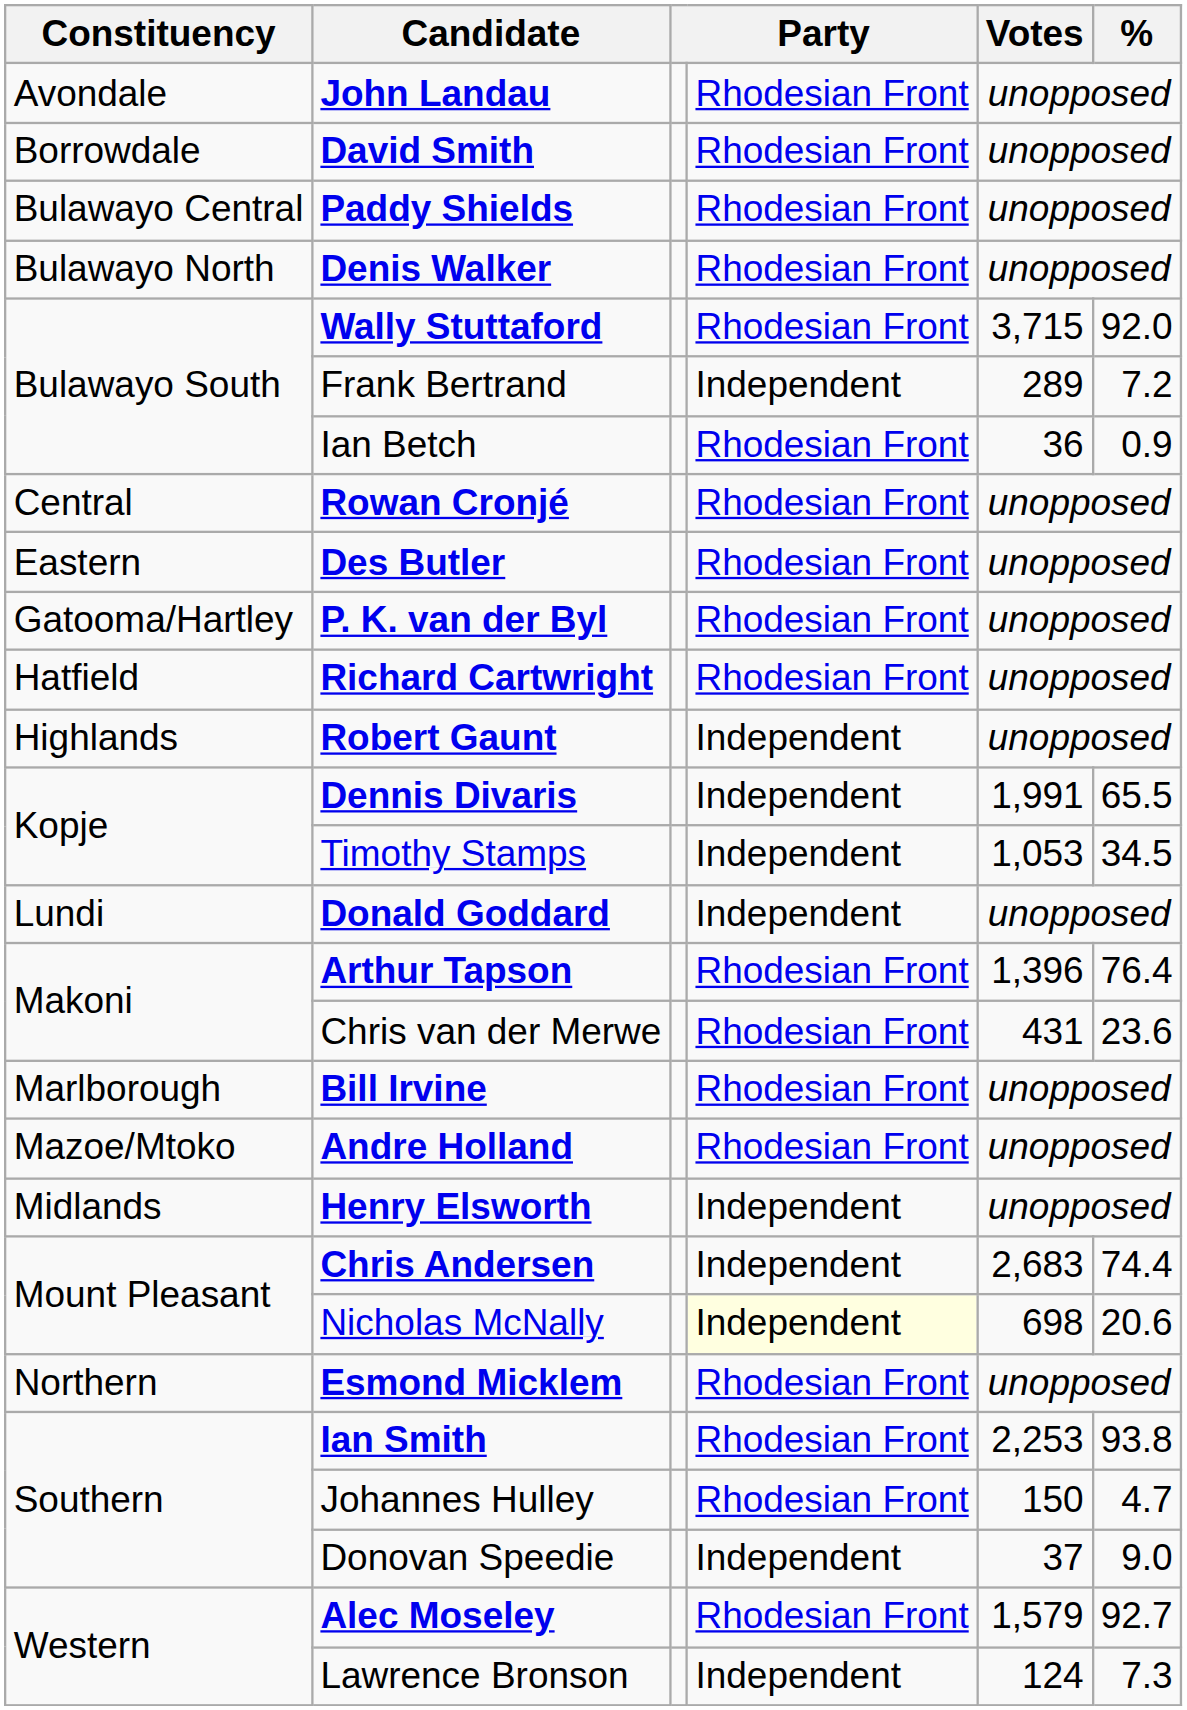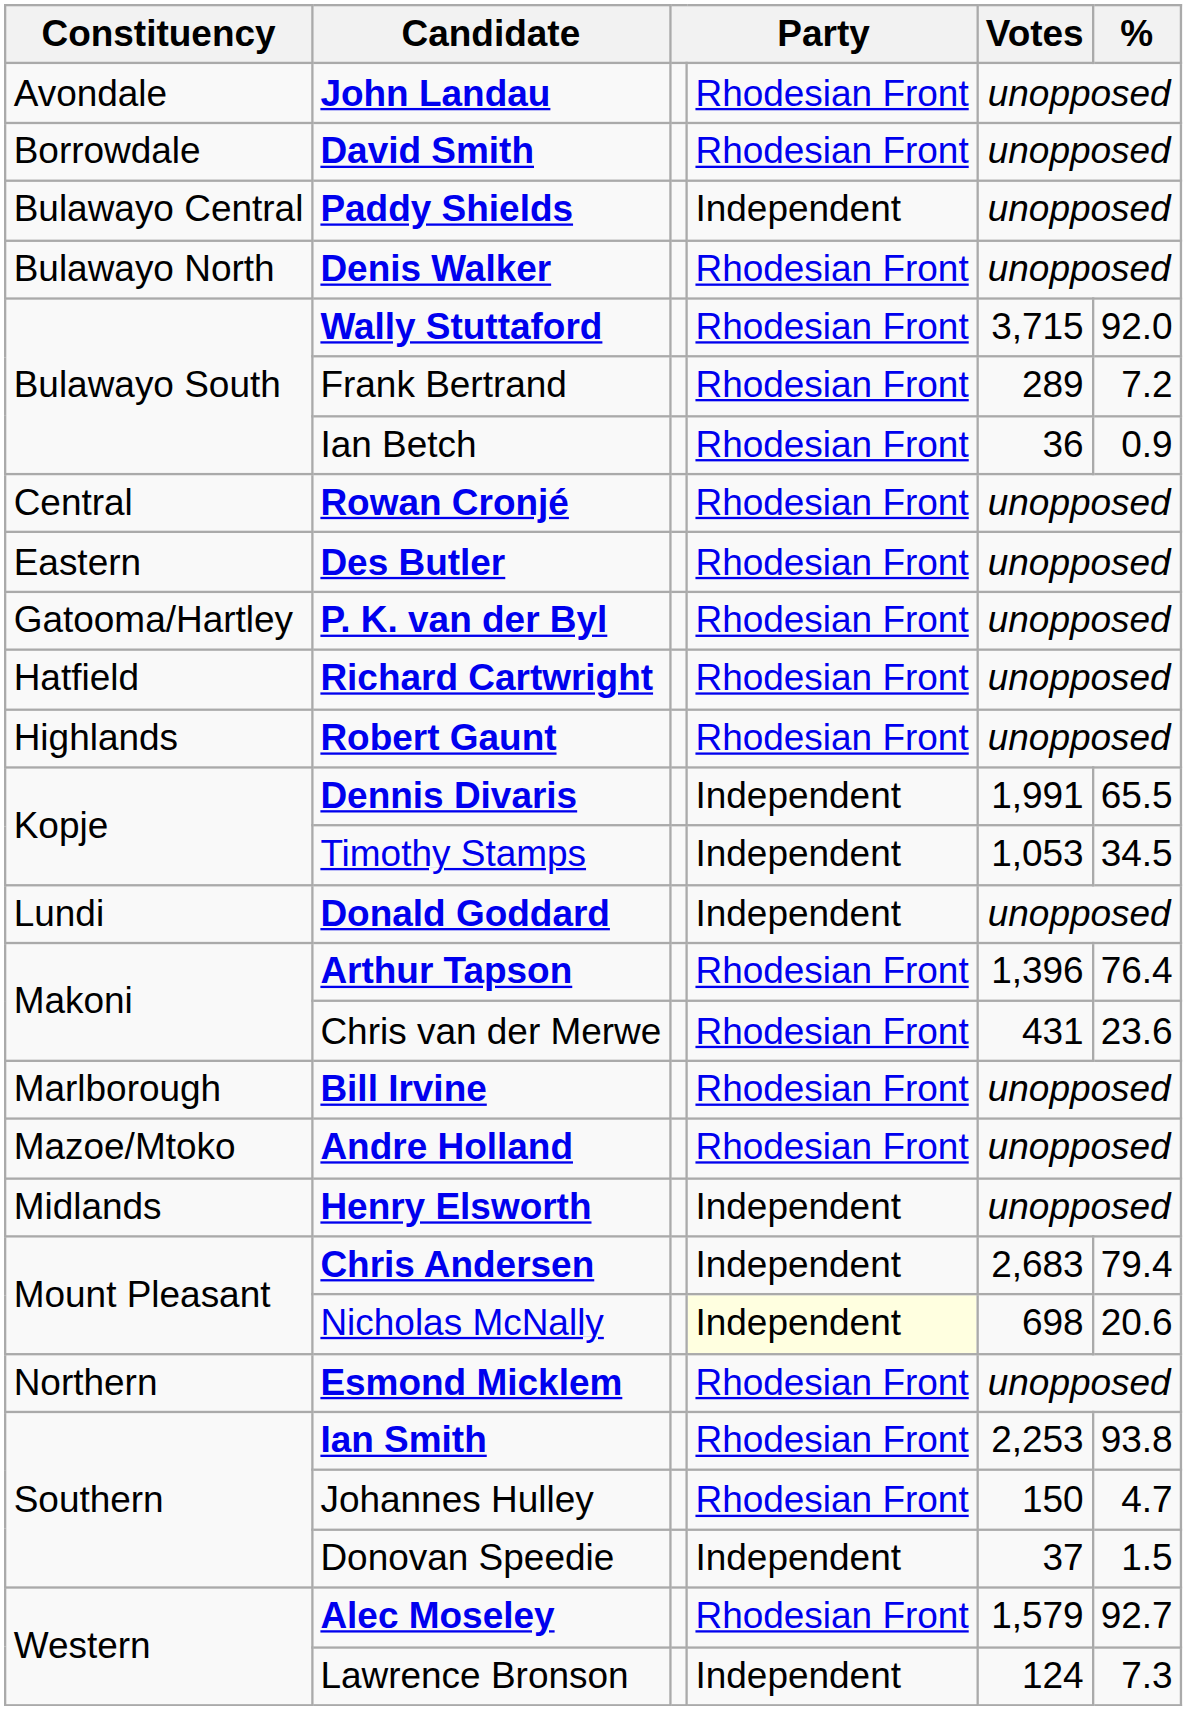 <table class="wikitable">
 <tr>
 <th>Constituency</th>
 <th>Candidate</th>
 <th colspan="2">Party</th>
 <th>Votes</th>
 <th>%</th>
 </tr>
 <tr>
 <td>Avondale</td>
 <td><strong><a href='#'>John Landau</a></strong></td>
 <td></td>
 <td><a href='#'>Rhodesian Front</a></td>
 <td colspan="2" align="center"><em>unopposed</em></td>
 </tr>
 <tr>
 <td>Borrowdale</td>
 <td><strong><a href='#'>David Smith</a></strong></td>
 <td></td>
 <td><a href='#'>Rhodesian Front</a></td>
 <td colspan="2" align="center"><em>unopposed</em></td>
 </tr>
 <tr>
 <td>Bulawayo Central</td>
 <td><strong><a href='#'>Paddy Shields</a></strong></td>
 <td></td>
-<td><a href='#'>Rhodesian Front</a></td>
+<td>Independent</td>
 <td colspan="2" align="center"><em>unopposed</em></td>
 </tr>
 <tr>
 <td>Bulawayo North</td>
 <td><strong><a href='#'>Denis Walker</a></strong></td>
 <td></td>
 <td><a href='#'>Rhodesian Front</a></td>
 <td colspan="2" align="center"><em>unopposed</em></td>
 </tr>
 <tr>
 <td rowspan="3">Bulawayo South</td>
 <td><strong><a href='#'>Wally Stuttaford</a></strong></td>
 <td></td>
 <td><a href='#'>Rhodesian Front</a></td>
 <td align="right">3,715</td>
 <td align="right">92.0</td>
 </tr>
 <tr>
 <td>Frank Bertrand</td>
 <td></td>
-<td>Independent</td>
+<td><a href='#'>Rhodesian Front</a></td>
 <td align="right">289</td>
 <td align="right">7.2</td>
 </tr>
 <tr>
 <td>Ian Betch</td>
 <td></td>
 <td><a href='#'>Rhodesian Front</a></td>
 <td align="right">36</td>
 <td align="right">0.9</td>
 </tr>
 <tr>
 <td>Central</td>
 <td><strong><a href='#'>Rowan Cronjé</a></strong></td>
 <td></td>
 <td><a href='#'>Rhodesian Front</a></td>
 <td colspan="2" align="center"><em>unopposed</em></td>
 </tr>
 <tr>
 <td>Eastern</td>
 <td><strong><a href='#'>Des Butler</a></strong></td>
 <td></td>
 <td><a href='#'>Rhodesian Front</a></td>
 <td colspan="2" align="center"><em>unopposed</em></td>
 </tr>
 <tr>
 <td>Gatooma/Hartley</td>
 <td><strong><a href='#'>P. K. van der Byl</a></strong></td>
 <td></td>
 <td><a href='#'>Rhodesian Front</a></td>
 <td colspan="2" align="center"><em>unopposed</em></td>
 </tr>
 <tr>
 <td>Hatfield</td>
 <td><strong><a href='#'>Richard Cartwright</a></strong></td>
 <td></td>
 <td><a href='#'>Rhodesian Front</a></td>
 <td colspan="2" align="center"><em>unopposed</em></td>
 </tr>
 <tr>
 <td>Highlands</td>
 <td><strong><a href='#'>Robert Gaunt</a></strong></td>
 <td></td>
-<td>Independent</td>
+<td><a href='#'>Rhodesian Front</a></td>
 <td colspan="2" align="center"><em>unopposed</em></td>
 </tr>
 <tr>
 <td rowspan="2">Kopje</td>
 <td><strong><a href='#'>Dennis Divaris</a></strong></td>
 <td></td>
 <td>Independent</td>
 <td align="right">1,991</td>
 <td align="right">65.5</td>
 </tr>
 <tr>
 <td><a href='#'>Timothy Stamps</a></td>
 <td></td>
 <td>Independent</td>
 <td align="right">1,053</td>
 <td align="right">34.5</td>
 </tr>
 <tr>
 <td>Lundi</td>
 <td><strong><a href='#'>Donald Goddard</a></strong></td>
 <td></td>
 <td>Independent</td>
 <td colspan="2" align="center"><em>unopposed</em></td>
 </tr>
 <tr>
 <td rowspan="2">Makoni</td>
 <td><strong><a href='#'>Arthur Tapson</a></strong></td>
 <td></td>
 <td><a href='#'>Rhodesian Front</a></td>
 <td align="right">1,396</td>
 <td align="right">76.4</td>
 </tr>
 <tr>
 <td>Chris van der Merwe</td>
 <td></td>
 <td><a href='#'>Rhodesian Front</a></td>
 <td align="right">431</td>
 <td align="right">23.6</td>
 </tr>
 <tr>
 <td>Marlborough</td>
 <td><strong><a href='#'>Bill Irvine</a></strong></td>
 <td></td>
 <td><a href='#'>Rhodesian Front</a></td>
 <td colspan="2" align="center"><em>unopposed</em></td>
 </tr>
 <tr>
 <td>Mazoe/Mtoko</td>
 <td><strong><a href='#'>Andre Holland</a></strong></td>
 <td></td>
 <td><a href='#'>Rhodesian Front</a></td>
 <td colspan="2" align="center"><em>unopposed</em></td>
 </tr>
 <tr>
 <td>Midlands</td>
 <td><strong><a href='#'>Henry Elsworth</a></strong></td>
 <td></td>
 <td>Independent</td>
 <td colspan="2" align="center"><em>unopposed</em></td>
 </tr>
 <tr>
 <td rowspan="2">Mount Pleasant</td>
 <td><strong><a href='#'>Chris Andersen</a></strong></td>
 <td></td>
 <td>Independent</td>
 <td align="right">2,683</td>
-<td align="right">74.4</td>
+<td align="right">79.4</td>
 </tr>
 <tr>
 <td><a href='#'>Nicholas McNally</a></td>
 <td></td>
 <td style="background: lightyellow;">Independent</td>
 <td align="right">698</td>
 <td align="right">20.6</td>
 </tr>
 <tr>
 <td>Northern</td>
 <td><strong><a href='#'>Esmond Micklem</a></strong></td>
 <td></td>
 <td><a href='#'>Rhodesian Front</a></td>
 <td colspan="2" align="center"><em>unopposed</em></td>
 </tr>
 <tr>
 <td rowspan="3">Southern</td>
 <td><strong><a href='#'>Ian Smith</a></strong></td>
 <td></td>
 <td><a href='#'>Rhodesian Front</a></td>
 <td align="right">2,253</td>
 <td align="right">93.8</td>
 </tr>
 <tr>
 <td>Johannes Hulley</td>
 <td></td>
 <td><a href='#'>Rhodesian Front</a></td>
 <td align="right">150</td>
 <td align="right">4.7</td>
 </tr>
 <tr>
 <td>Donovan Speedie</td>
 <td></td>
 <td>Independent</td>
 <td align="right">37</td>
-<td align="right">9.0</td>
+<td align="right">1.5</td>
 </tr>
 <tr>
 <td rowspan="2">Western</td>
 <td><strong><a href='#'>Alec Moseley</a></strong></td>
 <td></td>
 <td><a href='#'>Rhodesian Front</a></td>
 <td align="right">1,579</td>
 <td align="right">92.7</td>
 </tr>
 <tr>
 <td>Lawrence Bronson</td>
 <td></td>
 <td>Independent</td>
 <td align="right">124</td>
 <td align="right">7.3</td>
 </tr>
 </table>
